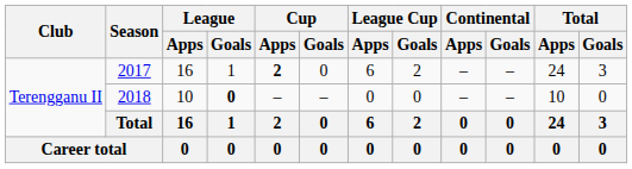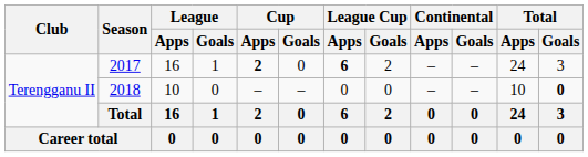 <table class="wikitable" style="text-align: center;">
 <tr>
 <th rowspan="2">Club</th>
 <th rowspan="2">Season</th>
 <th colspan="2">League</th>
 <th colspan="2">Cup</th>
 <th colspan="2">League Cup</th>
 <th colspan="2">Continental</th>
 <th colspan="2">Total</th>
 </tr>
 <tr>
 <th>Apps</th>
 <th>Goals</th>
 <th>Apps</th>
 <th>Goals</th>
 <th>Apps</th>
 <th>Goals</th>
 <th>Apps</th>
 <th>Goals</th>
 <th>Apps</th>
 <th>Goals</th>
 </tr>
 <tr>
 <td rowspan="3" valign="center"><a href='#'>Terengganu II</a></td>
 <td><a href='#'>2017</a></td>
 <td>16</td>
 <td>1</td>
 <td><strong>2</strong></td>
 <td>0</td>
-<td>6</td>
+<td><strong>6</strong></td>
 <td>2</td>
 <td>–</td>
 <td>–</td>
 <td>24</td>
 <td>3</td>
 </tr>
 <tr>
 <td><a href='#'>2018</a></td>
 <td>10</td>
-<td><strong>0</strong></td>
+<td>0</td>
 <td>–</td>
 <td>–</td>
 <td>0</td>
 <td>0</td>
 <td>–</td>
 <td>–</td>
 <td>10</td>
-<td>0</td>
+<td><strong>0</strong></td>
 </tr>
 <tr>
 <th>Total</th>
 <th>16</th>
 <th>1</th>
 <th>2</th>
 <th>0</th>
 <th>6</th>
 <th>2</th>
 <th>0</th>
 <th>0</th>
 <th>24</th>
 <th>3</th>
 </tr>
 <tr>
 <th colspan=2>Career total</th>
 <th>0</th>
 <th>0</th>
 <th>0</th>
 <th>0</th>
 <th>0</th>
 <th>0</th>
 <th>0</th>
 <th>0</th>
 <th>0</th>
 <th>0</th>
 </tr>
 </table>
